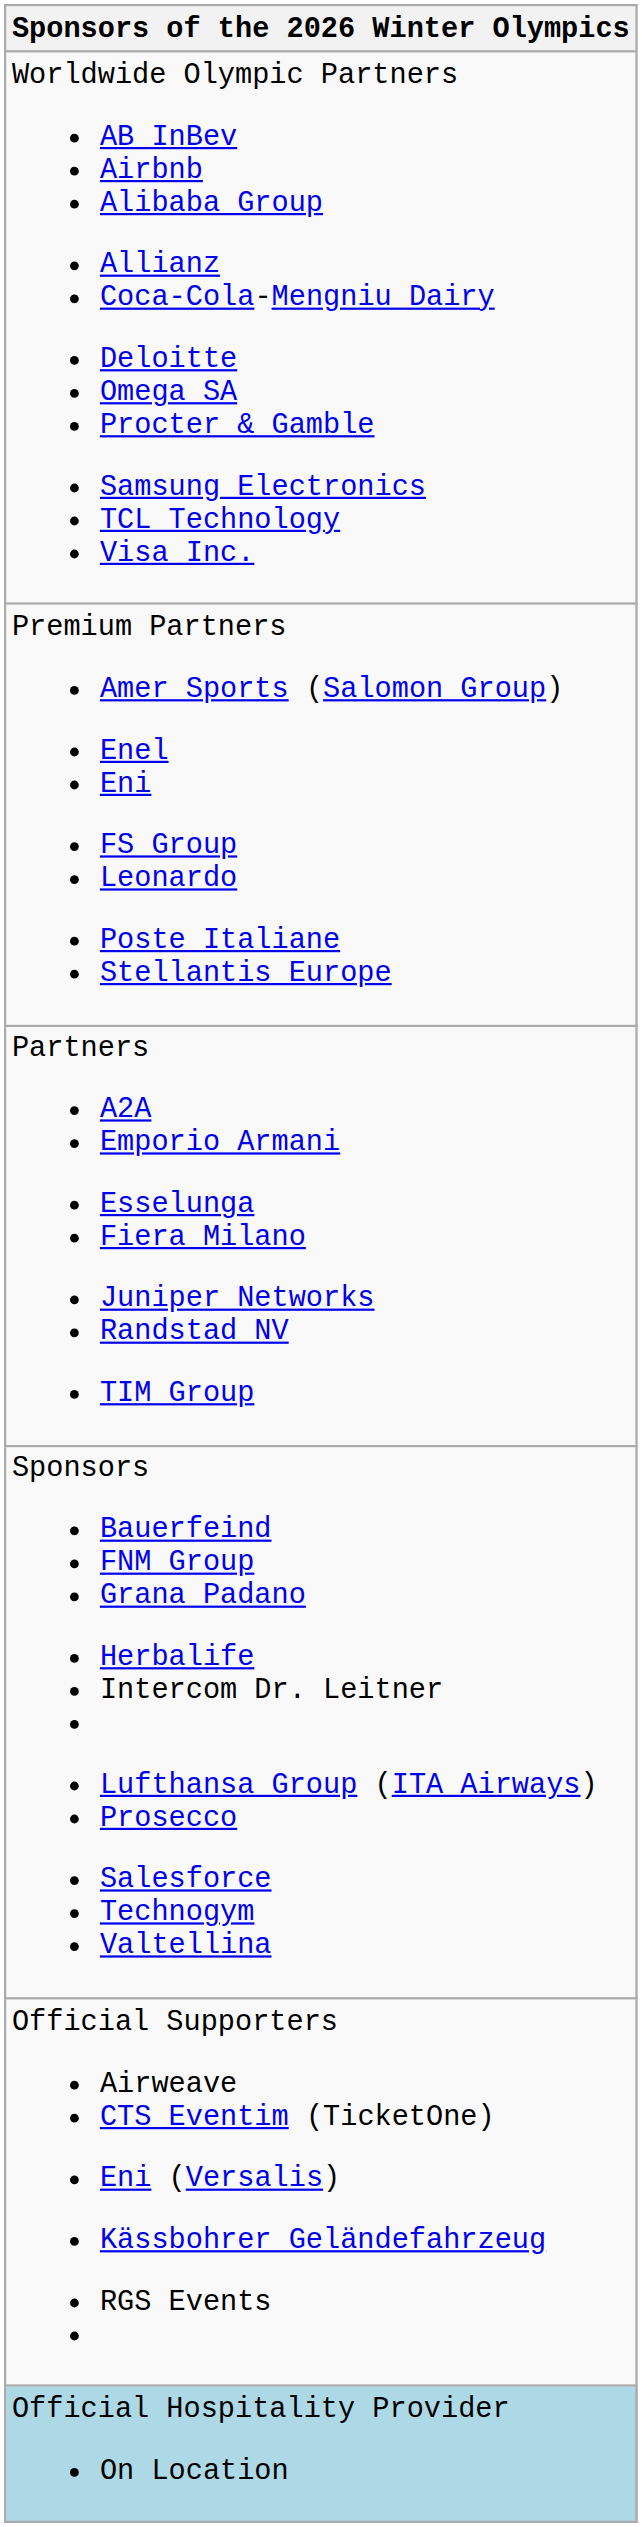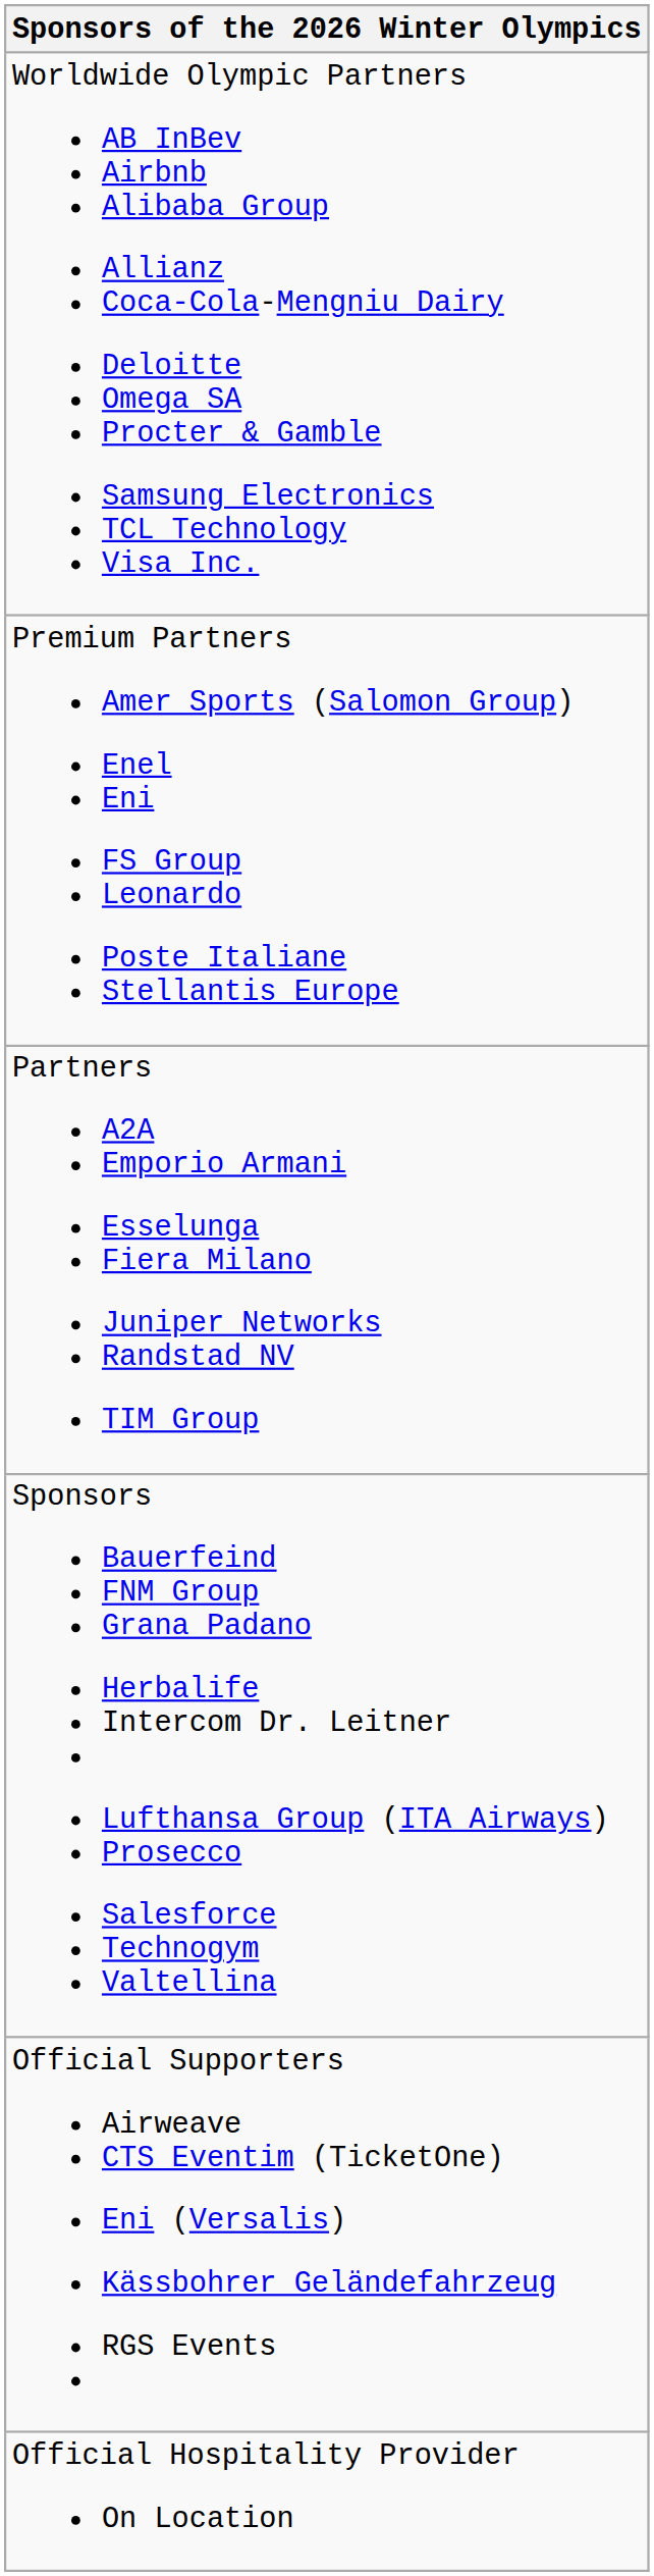 <table class="wikitable collapsible " style="float:center; margin:10px;">
 <tr>
 <th>Sponsors of the 2026 Winter Olympics</th>
 </tr>
 <tr>
 <td>Worldwide Olympic Partners<br> <ul><li><a href='#'>AB InBev</a></li><li><a href='#'>Airbnb</a></li><li><a href='#'>Alibaba Group</a></li></ul><ul><li><a href='#'>Allianz</a></li><li><a href='#'>Coca-Cola</a>-<a href='#'>Mengniu Dairy</a></li></ul><ul><li><a href='#'>Deloitte</a></li><li><a href='#'>Omega SA</a></li><li><a href='#'>Procter & Gamble</a></li></ul><ul><li><a href='#'>Samsung Electronics</a></li><li><a href='#'>TCL Technology</a></li><li><a href='#'>Visa Inc.</a></li></ul></td>
 </tr>
 <tr>
 <td>Premium Partners<br> <ul><li><a href='#'>Amer Sports</a> (<a href='#'>Salomon Group</a>)</li></ul><ul><li><a href='#'>Enel</a></li><li><a href='#'>Eni</a></li></ul><ul><li><a href='#'>FS Group</a></li><li><a href='#'>Leonardo</a></li></ul><ul><li><a href='#'>Poste Italiane</a></li><li><a href='#'>Stellantis Europe</a></li></ul></td>
 </tr>
 <tr>
 <td>Partners<br> <ul><li><a href='#'>A2A</a></li><li><a href='#'>Emporio Armani</a></li></ul><ul><li><a href='#'>Esselunga</a></li><li><a href='#'>Fiera Milano</a></li></ul><ul><li><a href='#'>Juniper Networks</a></li><li><a href='#'>Randstad NV</a></li></ul><ul><li><a href='#'>TIM Group</a></li></ul></td>
 </tr>
 <tr>
 <td>Sponsors<br> <ul><li><a href='#'>Bauerfeind</a></li><li><a href='#'>FNM Group</a></li><li><a href='#'>Grana Padano</a></li></ul><ul><li><a href='#'>Herbalife</a></li><li>Intercom Dr. Leitner</li><li></li></ul><ul><li><a href='#'>Lufthansa Group</a> (<a href='#'>ITA Airways</a>)</li><li><a href='#'>Prosecco</a></li></ul><ul><li><a href='#'>Salesforce</a></li><li><a href='#'>Technogym</a></li><li><a href='#'>Valtellina</a></li></ul></td>
 </tr>
 <tr>
 <td>Official Supporters<br> <ul><li>Airweave</li><li><a href='#'>CTS Eventim</a> (TicketOne)</li></ul><ul><li><a href='#'>Eni</a> (<a href='#'>Versalis</a>)</li></ul><ul><li><a href='#'>Kässbohrer Geländefahrzeug</a></li></ul><ul><li>RGS Events</li><li></li></ul></td>
 </tr>
 <tr>
-<td style="background: lightblue;">Official Hospitality Provider<br> <ul><li>On Location</li></ul></td>
+<td>Official Hospitality Provider<br> <ul><li>On Location</li></ul></td>
 </tr>
 </table>
